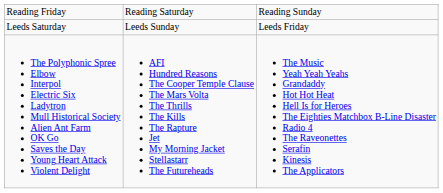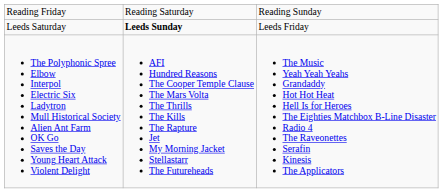 <table class="wikitable">
 <tr>
 <td>Reading Friday</td>
 <td>Reading Saturday</td>
 <td>Reading Sunday</td>
 </tr>
 <tr>
 <td>Leeds Saturday</td>
-<td>Leeds Sunday</td>
+<td><strong>Leeds Sunday</strong></td>
 <td>Leeds Friday</td>
 </tr>
 <tr>
 <td><br><ul><li><a href='#'>The Polyphonic Spree</a></li><li><a href='#'>Elbow</a></li><li><a href='#'>Interpol</a></li><li><a href='#'>Electric Six</a></li><li><a href='#'>Ladytron</a></li><li><a href='#'>Mull Historical Society</a></li><li><a href='#'>Alien Ant Farm</a></li><li><a href='#'>OK Go</a></li><li><a href='#'>Saves the Day</a></li><li><a href='#'>Young Heart Attack</a></li><li><a href='#'>Violent Delight</a></li></ul></td>
 <td><br><ul><li><a href='#'>AFI</a></li><li><a href='#'>Hundred Reasons</a></li><li><a href='#'>The Cooper Temple Clause</a></li><li><a href='#'>The Mars Volta</a></li><li><a href='#'>The Thrills</a></li><li><a href='#'>The Kills</a></li><li><a href='#'>The Rapture</a></li><li><a href='#'>Jet</a></li><li><a href='#'>My Morning Jacket</a></li><li><a href='#'>Stellastarr</a></li><li><a href='#'>The Futureheads</a></li></ul></td>
 <td><br><ul><li><a href='#'>The Music</a></li><li><a href='#'>Yeah Yeah Yeahs</a></li><li><a href='#'>Grandaddy</a></li><li><a href='#'>Hot Hot Heat</a></li><li><a href='#'>Hell Is for Heroes</a></li><li><a href='#'>The Eighties Matchbox B-Line Disaster</a></li><li><a href='#'>Radio 4</a></li><li><a href='#'>The Raveonettes</a></li><li><a href='#'>Serafin</a></li><li><a href='#'>Kinesis</a></li><li><a href='#'>The Applicators</a></li></ul></td>
 </tr>
 </table>
